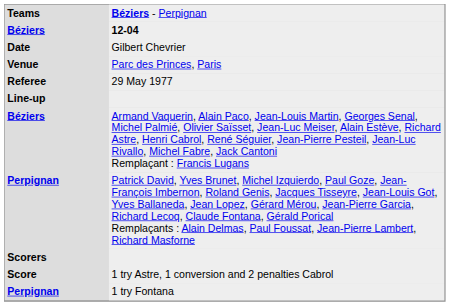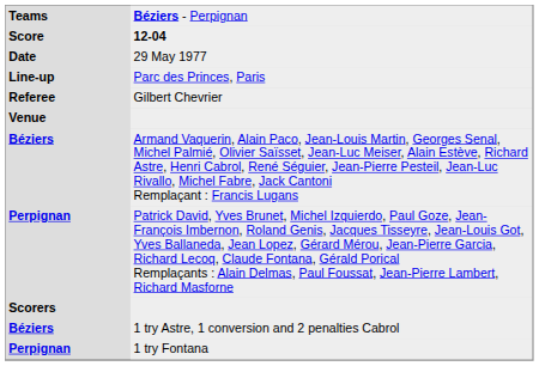 <table align="left" cellpadding="4" cellspacing="0"  style="margin: 0 0 0 0; border: 1px solid #999; border-right-width: 2px; border-bottom-width: 2px; background-color: #DDDDDD">
 <tr>
 <td width="150" valign="top"><strong>Teams</strong></td>
 <td width="500" bgcolor=#EEEEEE><strong><a href='#'>Béziers</a> </strong> - <a href='#'>Perpignan</a></td>
 </tr>
 <tr>
-<td valign="top"><strong> <a href='#'>Béziers</a> </strong></td>
+<td valign="top"><strong>Score</strong></td>
 <td bgcolor=#EEEEEE><strong>12-04</strong></td>
 </tr>
 <tr>
 <td valign="top"><strong>Date</strong></td>
+<td bgcolor=#EEEEEE>29 May 1977</td>
+</tr>
+<tr>
+<td valign="top"><strong>Line-up</strong></td>
+<td bgcolor=#EEEEEE><a href='#'>Parc des Princes</a>, <a href='#'>Paris</a></td>
+</tr>
+<tr>
+<td valign="top"><strong>Referee</strong></td>
 <td bgcolor=#EEEEEE>Gilbert Chevrier</td>
 </tr>
 <tr>
 <td valign="top"><strong>Venue</strong></td>
-<td bgcolor=#EEEEEE><a href='#'>Parc des Princes</a>, <a href='#'>Paris</a></td>
-</tr>
-<tr>
-<td valign="top"><strong>Referee</strong></td>
-<td bgcolor=#EEEEEE>29 May 1977</td>
-</tr>
-<tr>
-<td valign="top"><strong>Line-up</strong></td>
 <td bgcolor=#EEEEEE></td>
 </tr>
 <tr>
 <td valign="top"><strong> <a href='#'>Béziers</a> </strong></td>
 <td bgcolor=#EEEEEE><a href='#'>Armand Vaquerin</a>, <a href='#'>Alain Paco</a>, <a href='#'>Jean-Louis Martin</a>, <a href='#'>Georges Senal</a>, <a href='#'>Michel Palmié</a>, <a href='#'>Olivier Saïsset</a>, <a href='#'>Jean-Luc Meiser</a>, <a href='#'>Alain Estève</a>, <a href='#'>Richard Astre</a>, <a href='#'>Henri Cabrol</a>, <a href='#'>René Séguier</a>, <a href='#'>Jean-Pierre Pesteil</a>, <a href='#'>Jean-Luc Rivallo</a>, <a href='#'>Michel Fabre</a>, <a href='#'>Jack Cantoni</a> <br>Remplaçant : <a href='#'>Francis Lugans</a></td>
 </tr>
 <tr>
 <td valign="top"><strong><a href='#'>Perpignan</a> </strong></td>
 <td bgcolor=#EEEEEE><a href='#'>Patrick David</a>, <a href='#'>Yves Brunet</a>, <a href='#'>Michel Izquierdo</a>, <a href='#'>Paul Goze</a>, <a href='#'>Jean-François Imbernon</a>, <a href='#'>Roland Genis</a>, <a href='#'>Jacques Tisseyre</a>, <a href='#'>Jean-Louis Got</a>, <a href='#'>Yves Ballaneda</a>, <a href='#'>Jean Lopez</a>, <a href='#'>Gérard Mérou</a>, <a href='#'>Jean-Pierre Garcia</a>, <a href='#'>Richard Lecoq</a>, <a href='#'>Claude Fontana</a>, <a href='#'>Gérald Porical</a> <br>Remplaçants :  <a href='#'>Alain Delmas</a>, <a href='#'>Paul Foussat</a>, <a href='#'>Jean-Pierre Lambert</a>, <a href='#'>Richard Masforne</a></td>
 </tr>
 <tr>
 <td valign="top"><strong>Scorers</strong></td>
 <td bgcolor=#EEEEEE></td>
 </tr>
 <tr>
-<td valign="top"><strong>Score</strong></td>
+<td valign="top"><strong> <a href='#'>Béziers</a> </strong></td>
 <td bgcolor=#EEEEEE>1 try Astre, 1 conversion and 2 penalties  Cabrol</td>
 </tr>
 <tr>
 <td valign="top"><strong><a href='#'>Perpignan</a></strong></td>
 <td bgcolor=#EEEEEE>1 try Fontana</td>
 </tr>
 </table>
